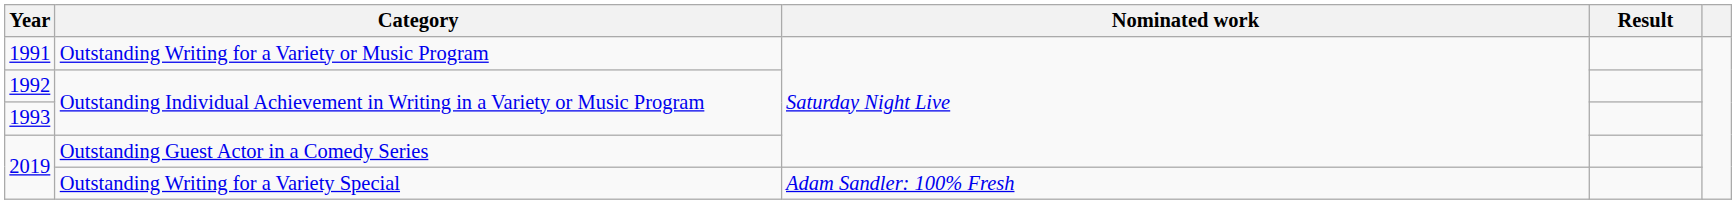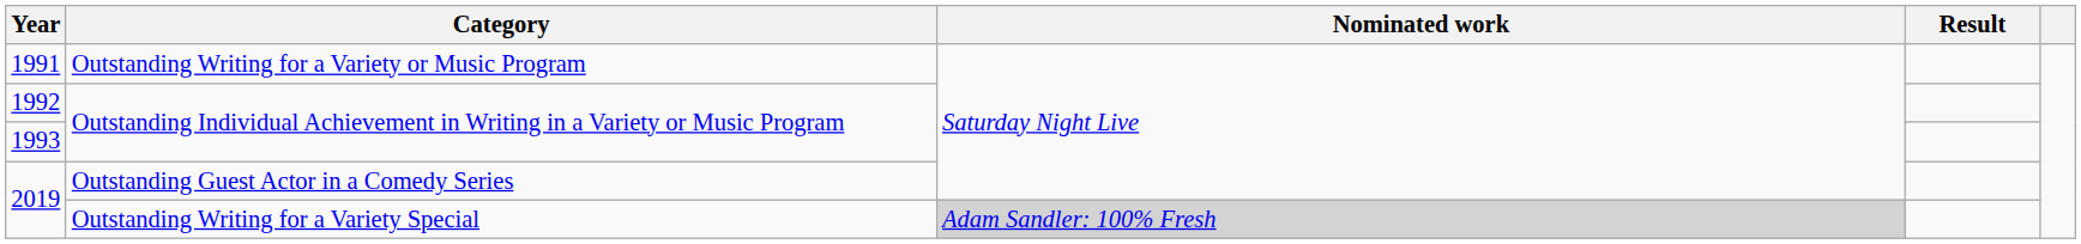 <table class="wikitable sortable">
 <tr>
 <th scope="col" style="width:1em;">Year</th>
 <th scope="col" style="width:35em;">Category</th>
 <th scope="col" style="width:39em;">Nominated work</th>
 <th scope="col" style="width:5em;">Result</th>
 <th scope="col" style="width:1em;"class="unsortable"></th>
 </tr>
 <tr>
 <td><a href='#'>1991</a></td>
 <td><a href='#'>Outstanding Writing for a Variety or Music Program</a></td>
 <td rowspan="4"><em><a href='#'>Saturday Night Live</a></em></td>
 <td></td>
 <td rowspan="5"></td>
 </tr>
 <tr>
 <td><a href='#'>1992</a></td>
 <td rowspan="2"><a href='#'>Outstanding Individual Achievement in Writing in a Variety or Music Program</a></td>
 <td></td>
 </tr>
 <tr>
 <td><a href='#'>1993</a></td>
 <td></td>
 </tr>
 <tr>
 <td rowspan="2"><a href='#'>2019</a></td>
 <td><a href='#'>Outstanding Guest Actor in a Comedy Series</a></td>
 <td></td>
 </tr>
 <tr>
 <td><a href='#'>Outstanding Writing for a Variety Special</a></td>
-<td><em><a href='#'>Adam Sandler: 100% Fresh</a></em></td>
+<td style="background: lightgrey;"><em><a href='#'>Adam Sandler: 100% Fresh</a></em></td>
 <td></td>
 </tr>
 </table>
